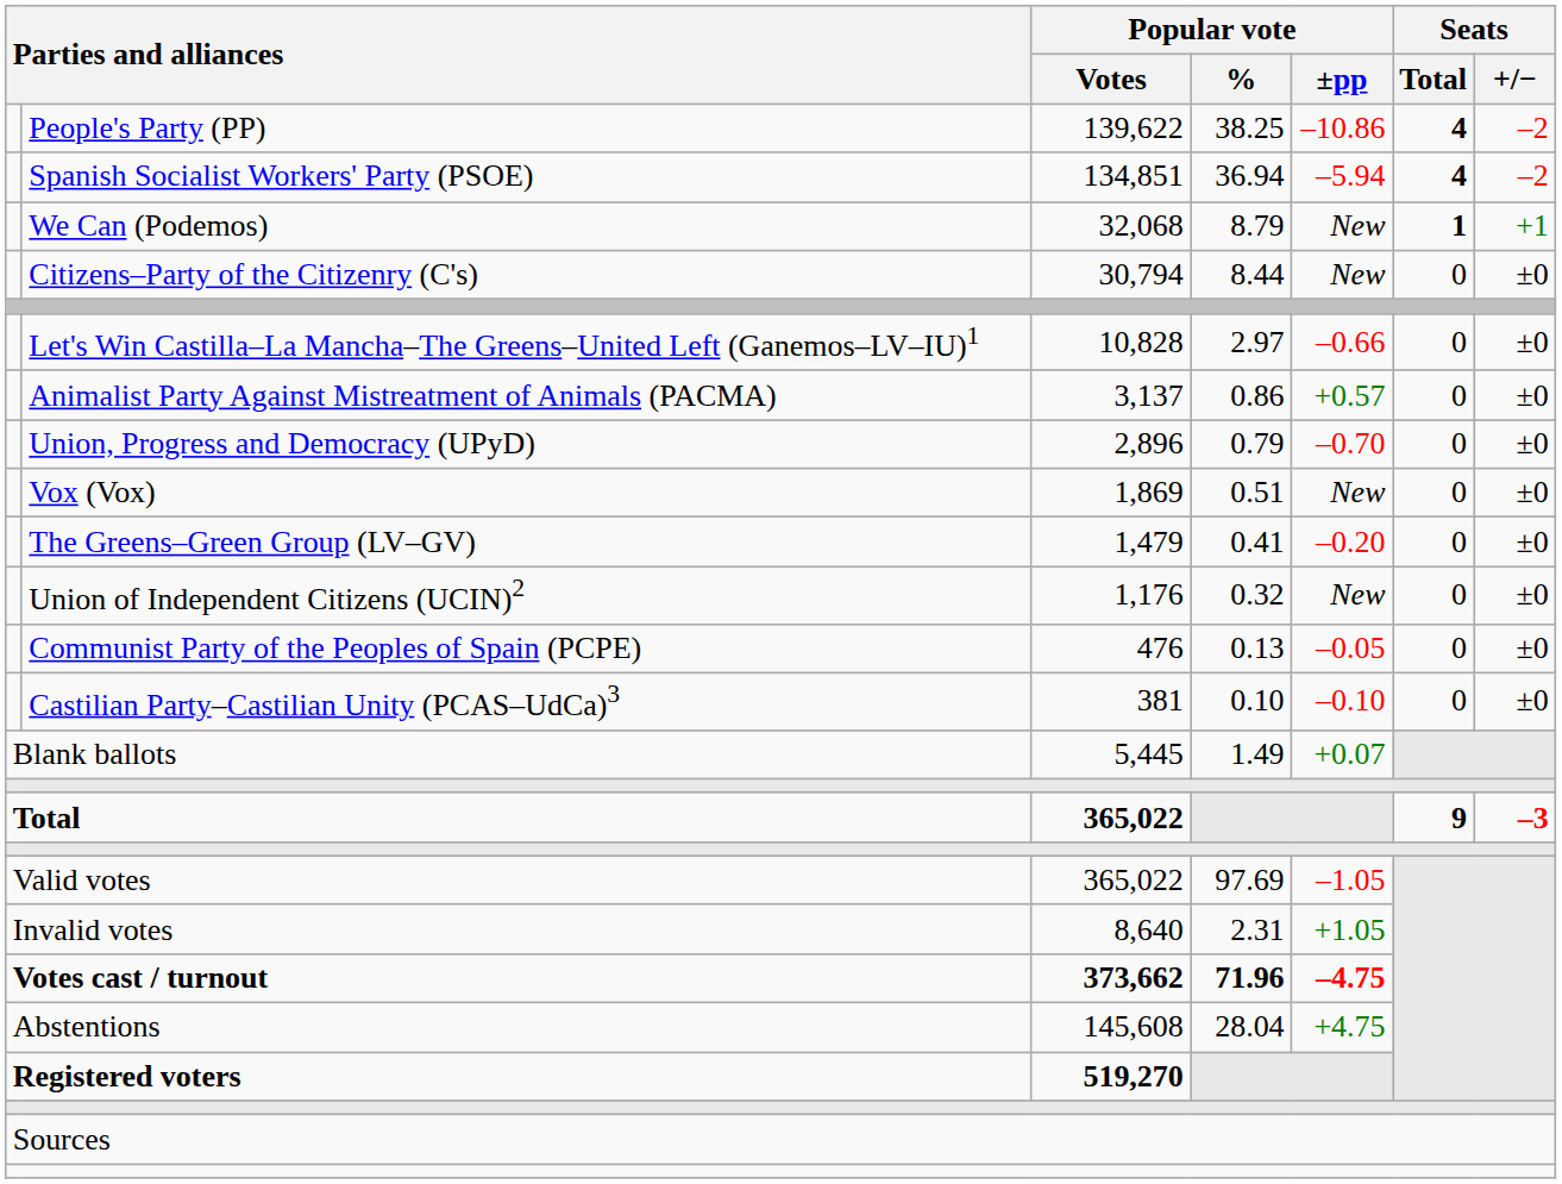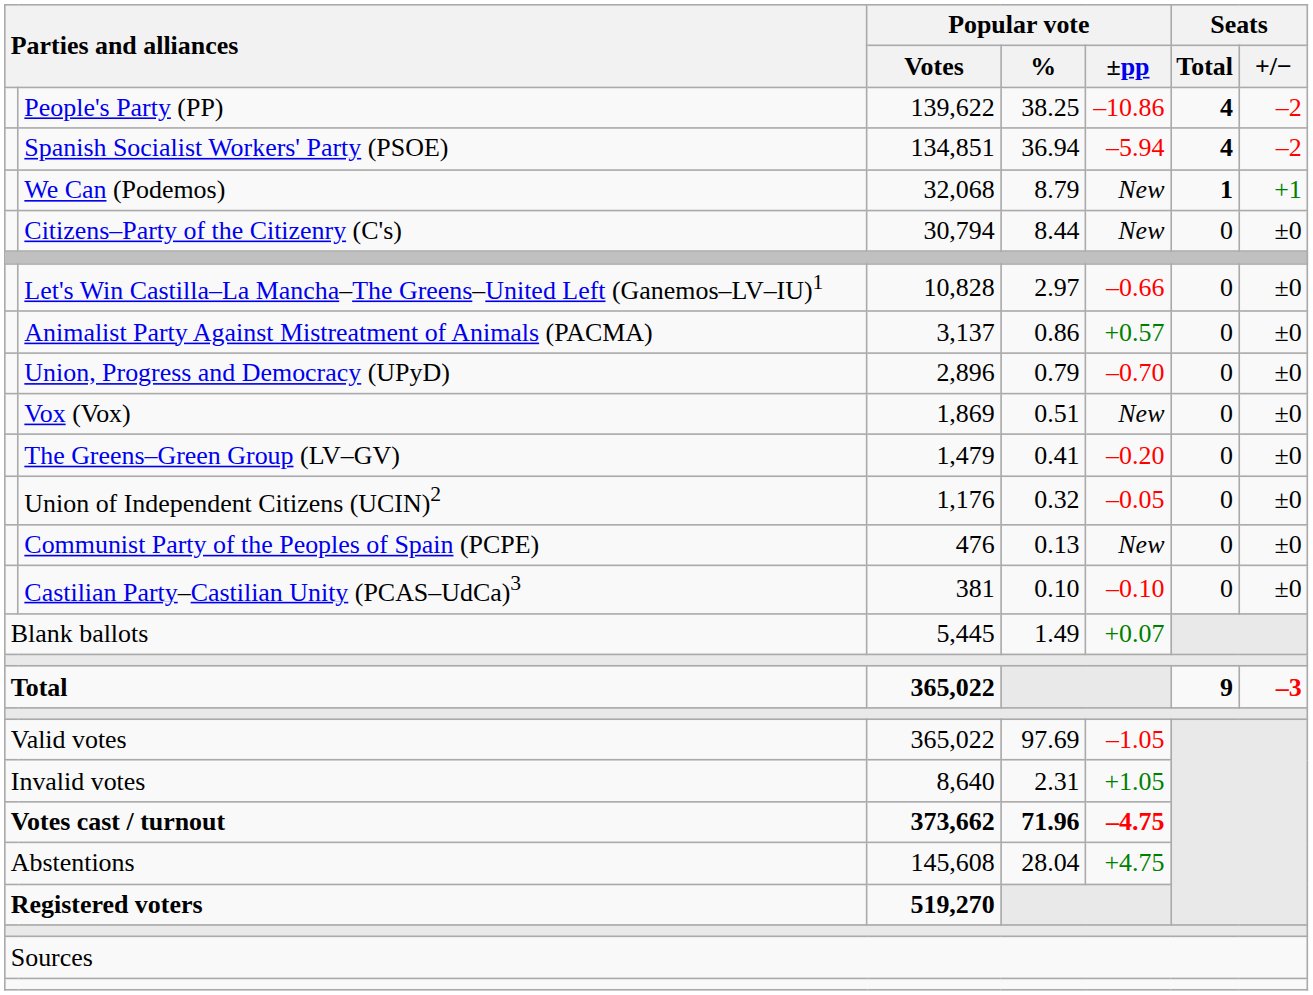 <table class="wikitable" style="text-align:right;">
 <tr>
 <th style="text-align:left;" rowspan="2" colspan="2" width="525">Parties and alliances</th>
 <th colspan="3">Popular vote</th>
 <th colspan="2">Seats</th>
 </tr>
 <tr>
 <th width="75">Votes</th>
 <th width="45">%</th>
 <th width="45">±<a href='#'>pp</a></th>
 <th width="35">Total</th>
 <th width="35">+/−</th>
 </tr>
 <tr>
 <td width="1" style="color:inherit;background:"></td>
 <td align="left"><a href='#'>People's Party</a> (PP)</td>
 <td>139,622</td>
 <td>38.25</td>
 <td style="color:red;">–10.86</td>
 <td><strong>4</strong></td>
 <td style="color:red;">–2</td>
 </tr>
 <tr>
 <td style="color:inherit;background:"></td>
 <td align="left"><a href='#'>Spanish Socialist Workers' Party</a> (PSOE)</td>
 <td>134,851</td>
 <td>36.94</td>
 <td style="color:red;">–5.94</td>
 <td><strong>4</strong></td>
 <td style="color:red;">–2</td>
 </tr>
 <tr>
 <td style="color:inherit;background:"></td>
 <td align="left"><a href='#'>We Can</a> (Podemos)</td>
 <td>32,068</td>
 <td>8.79</td>
 <td><em>New</em></td>
 <td><strong>1</strong></td>
 <td style="color:green;">+1</td>
 </tr>
 <tr>
 <td style="color:inherit;background:"></td>
 <td align="left"><a href='#'>Citizens–Party of the Citizenry</a> (C's)</td>
 <td>30,794</td>
 <td>8.44</td>
 <td><em>New</em></td>
 <td>0</td>
 <td>±0</td>
 </tr>
 <tr>
 <td colspan="7" bgcolor="#C0C0C0"></td>
 </tr>
 <tr>
 <td style="color:inherit;background:"></td>
 <td align="left"><a href='#'>Let's Win Castilla–La Mancha</a>–<a href='#'>The Greens</a>–<a href='#'>United Left</a> (Ganemos–LV–IU)<sup>1</sup></td>
 <td>10,828</td>
 <td>2.97</td>
 <td style="color:red;">–0.66</td>
 <td>0</td>
 <td>±0</td>
 </tr>
 <tr>
 <td style="color:inherit;background:"></td>
 <td align="left"><a href='#'>Animalist Party Against Mistreatment of Animals</a> (PACMA)</td>
 <td>3,137</td>
 <td>0.86</td>
 <td style="color:green;">+0.57</td>
 <td>0</td>
 <td>±0</td>
 </tr>
 <tr>
 <td style="color:inherit;background:"></td>
 <td align="left"><a href='#'>Union, Progress and Democracy</a> (UPyD)</td>
 <td>2,896</td>
 <td>0.79</td>
 <td style="color:red;">–0.70</td>
 <td>0</td>
 <td>±0</td>
 </tr>
 <tr>
 <td style="color:inherit;background:"></td>
 <td align="left"><a href='#'>Vox</a> (Vox)</td>
 <td>1,869</td>
 <td>0.51</td>
 <td><em>New</em></td>
 <td>0</td>
 <td>±0</td>
 </tr>
 <tr>
 <td style="color:inherit;background:"></td>
 <td align="left"><a href='#'>The Greens–Green Group</a> (LV–GV)</td>
 <td>1,479</td>
 <td>0.41</td>
 <td style="color:red;">–0.20</td>
 <td>0</td>
 <td>±0</td>
 </tr>
 <tr>
 <td style="color:inherit;background:"></td>
 <td align="left">Union of Independent Citizens (UCIN)<sup>2</sup></td>
 <td>1,176</td>
 <td>0.32</td>
-<td><em>New</em></td>
+<td style="color:red;">–0.05</td>
 <td>0</td>
 <td>±0</td>
 </tr>
 <tr>
 <td style="color:inherit;background:"></td>
 <td align="left"><a href='#'>Communist Party of the Peoples of Spain</a> (PCPE)</td>
 <td>476</td>
 <td>0.13</td>
-<td style="color:red;">–0.05</td>
+<td><em>New</em></td>
 <td>0</td>
 <td>±0</td>
 </tr>
 <tr>
 <td style="color:inherit;background:"></td>
 <td align="left"><a href='#'>Castilian Party</a>–<a href='#'>Castilian Unity</a> (PCAS–UdCa)<sup>3</sup></td>
 <td>381</td>
 <td>0.10</td>
 <td style="color:red;">–0.10</td>
 <td>0</td>
 <td>±0</td>
 </tr>
 <tr>
 <td align="left" colspan="2">Blank ballots</td>
 <td>5,445</td>
 <td>1.49</td>
 <td style="color:green;">+0.07</td>
 <td bgcolor="#E9E9E9" colspan="2"></td>
 </tr>
 <tr>
 <td colspan="7" bgcolor="#E9E9E9"></td>
 </tr>
 <tr style="font-weight:bold;">
 <td align="left" colspan="2">Total</td>
 <td>365,022</td>
 <td bgcolor="#E9E9E9" colspan="2"></td>
 <td>9</td>
 <td style="color:red;">–3</td>
 </tr>
 <tr>
 <td colspan="7" bgcolor="#E9E9E9"></td>
 </tr>
 <tr>
 <td align="left" colspan="2">Valid votes</td>
 <td>365,022</td>
 <td>97.69</td>
 <td style="color:red;">–1.05</td>
 <td bgcolor="#E9E9E9" colspan="2" rowspan="5"></td>
 </tr>
 <tr>
 <td align="left" colspan="2">Invalid votes</td>
 <td>8,640</td>
 <td>2.31</td>
 <td style="color:green;">+1.05</td>
 </tr>
 <tr style="font-weight:bold;">
 <td align="left" colspan="2">Votes cast / turnout</td>
 <td>373,662</td>
 <td>71.96</td>
 <td style="color:red;">–4.75</td>
 </tr>
 <tr>
 <td align="left" colspan="2">Abstentions</td>
 <td>145,608</td>
 <td>28.04</td>
 <td style="color:green;">+4.75</td>
 </tr>
 <tr style="font-weight:bold;">
 <td align="left" colspan="2">Registered voters</td>
 <td>519,270</td>
 <td bgcolor="#E9E9E9" colspan="2"></td>
 </tr>
 <tr>
 <td colspan="7" bgcolor="#E9E9E9"></td>
 </tr>
 <tr>
 <td align="left" colspan="7">Sources</td>
 </tr>
 <tr>
 <td colspan="7" style="text-align:left; max-width:790px;"></td>
 </tr>
 </table>
